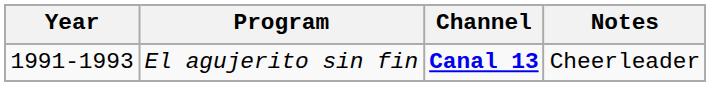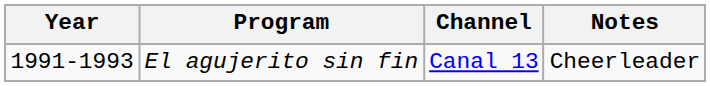 <table class="wikitable" style="font-size: 90%;">
 <tr>
 <th>Year</th>
 <th>Program</th>
 <th>Channel</th>
 <th>Notes</th>
 </tr>
 <tr>
 <td>1991-1993</td>
 <td><em>El agujerito sin fin</em></td>
-<td><strong><a href='#'>Canal 13</a></strong></td>
+<td><a href='#'>Canal 13</a></td>
 <td>Cheerleader</td>
 </tr>
 <tr>
 </tr>
 </table>
